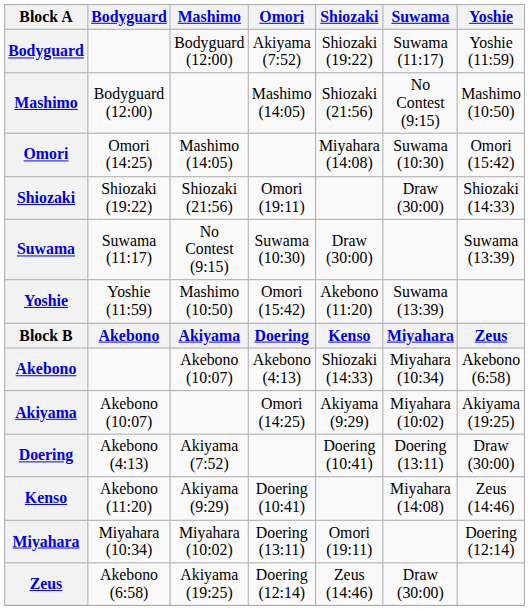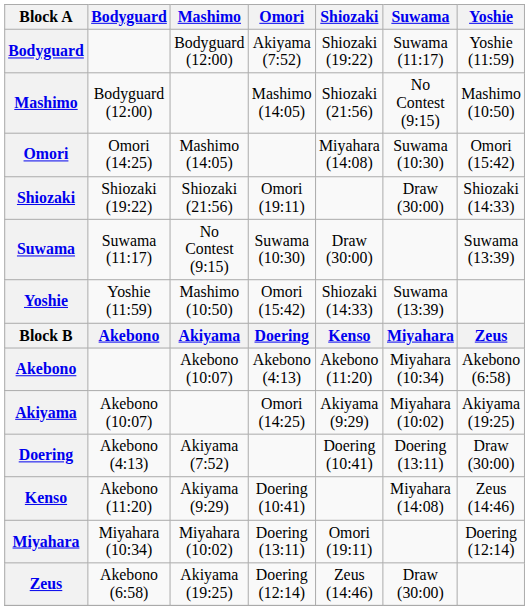 <table class="wikitable" style="margin: 1em auto 1em auto; text-align:center;">
 <tr>
 <th>Block A</th>
 <th><a href='#'>Bodyguard</a></th>
 <th><a href='#'>Mashimo</a></th>
 <th><a href='#'>Omori</a></th>
 <th><a href='#'>Shiozaki</a></th>
 <th><a href='#'>Suwama</a></th>
 <th><a href='#'>Yoshie</a></th>
 </tr>
 <tr>
 <th><a href='#'>Bodyguard</a></th>
 <td></td>
 <td>Bodyguard<br>(12:00)</td>
 <td>Akiyama<br>(7:52)</td>
 <td>Shiozaki<br>(19:22)</td>
 <td>Suwama<br>(11:17)</td>
 <td>Yoshie<br>(11:59)</td>
 </tr>
 <tr>
 <th><a href='#'>Mashimo</a></th>
 <td>Bodyguard<br>(12:00)</td>
 <td></td>
 <td>Mashimo<br>(14:05)</td>
 <td>Shiozaki<br>(21:56)</td>
 <td>No<br>Contest<br>(9:15)</td>
 <td>Mashimo<br>(10:50)</td>
 </tr>
 <tr>
 <th><a href='#'>Omori</a></th>
 <td>Omori<br>(14:25)</td>
 <td>Mashimo<br>(14:05)</td>
 <td></td>
 <td>Miyahara<br>(14:08)</td>
 <td>Suwama<br>(10:30)</td>
 <td>Omori<br>(15:42)</td>
 </tr>
 <tr>
 <th><a href='#'>Shiozaki</a></th>
 <td>Shiozaki<br>(19:22)</td>
 <td>Shiozaki<br>(21:56)</td>
 <td>Omori<br>(19:11)</td>
 <td></td>
 <td>Draw<br>(30:00)</td>
 <td>Shiozaki<br>(14:33)</td>
 </tr>
 <tr>
 <th><a href='#'>Suwama</a></th>
 <td>Suwama<br>(11:17)</td>
 <td>No<br>Contest<br>(9:15)</td>
 <td>Suwama<br>(10:30)</td>
 <td>Draw<br>(30:00)</td>
 <td></td>
 <td>Suwama<br>(13:39)</td>
 </tr>
 <tr>
 <th><a href='#'>Yoshie</a></th>
 <td>Yoshie<br>(11:59)</td>
 <td>Mashimo<br>(10:50)</td>
 <td>Omori<br>(15:42)</td>
-<td>Akebono<br>(11:20)</td>
+<td>Shiozaki<br>(14:33)</td>
 <td>Suwama<br>(13:39)</td>
 <td></td>
 </tr>
 <tr>
 <th>Block B</th>
 <th><a href='#'>Akebono</a></th>
 <th><a href='#'>Akiyama</a></th>
 <th><a href='#'>Doering</a></th>
 <th><a href='#'>Kenso</a></th>
 <th><a href='#'>Miyahara</a></th>
 <th><a href='#'>Zeus</a></th>
 </tr>
 <tr>
 <th><a href='#'>Akebono</a></th>
 <td></td>
 <td>Akebono<br>(10:07)</td>
 <td>Akebono<br>(4:13)</td>
-<td>Shiozaki<br>(14:33)</td>
+<td>Akebono<br>(11:20)</td>
 <td>Miyahara<br>(10:34)</td>
 <td>Akebono<br>(6:58)</td>
 </tr>
 <tr>
 <th><a href='#'>Akiyama</a></th>
 <td>Akebono<br>(10:07)</td>
 <td></td>
 <td>Omori<br>(14:25)</td>
 <td>Akiyama<br>(9:29)</td>
 <td>Miyahara<br>(10:02)</td>
 <td>Akiyama<br>(19:25)</td>
 </tr>
 <tr>
 <th><a href='#'>Doering</a></th>
 <td>Akebono<br>(4:13)</td>
 <td>Akiyama<br>(7:52)</td>
 <td></td>
 <td>Doering<br>(10:41)</td>
 <td>Doering<br>(13:11)</td>
 <td>Draw<br>(30:00)</td>
 </tr>
 <tr>
 <th><a href='#'>Kenso</a></th>
 <td>Akebono<br>(11:20)</td>
 <td>Akiyama<br>(9:29)</td>
 <td>Doering<br>(10:41)</td>
 <td></td>
 <td>Miyahara<br>(14:08)</td>
 <td>Zeus<br>(14:46)</td>
 </tr>
 <tr>
 <th><a href='#'>Miyahara</a></th>
 <td>Miyahara<br>(10:34)</td>
 <td>Miyahara<br>(10:02)</td>
 <td>Doering<br>(13:11)</td>
 <td>Omori<br>(19:11)</td>
 <td></td>
 <td>Doering<br>(12:14)</td>
 </tr>
 <tr>
 <th><a href='#'>Zeus</a></th>
 <td>Akebono<br>(6:58)</td>
 <td>Akiyama<br>(19:25)</td>
 <td>Doering<br>(12:14)</td>
 <td>Zeus<br>(14:46)</td>
 <td>Draw<br>(30:00)</td>
 <td></td>
 </tr>
 <tr>
 </tr>
 </table>
